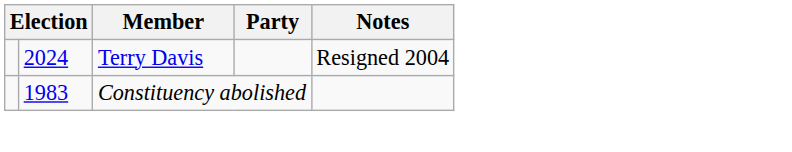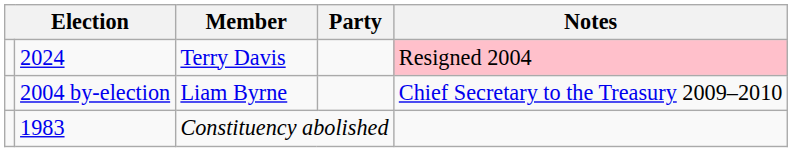 <table class="wikitable">
 <tr>
 <th colspan="2">Election</th>
 <th>Member</th>
 <th>Party</th>
 <th>Notes</th>
 </tr>
 <tr>
 <td style="color:inherit;background-color: "></td>
 <td><a href='#'>2024</a></td>
 <td><a href='#'>Terry Davis</a></td>
 <td></td>
-<td>Resigned 2004</td>
+<td style="background: pink;">Resigned 2004</td>
+</tr>
+<tr>
+<td style="color:inherit;background-color: "></td>
+<td><a href='#'>2004 by-election</a></td>
+<td><a href='#'>Liam Byrne</a></td>
+<td></td>
+<td><a href='#'>Chief Secretary to the Treasury</a> 2009–2010</td>
 </tr>
 <tr>
 <td></td>
 <td><a href='#'>1983</a></td>
 <td colspan="2"><em>Constituency abolished</em></td>
 </tr>
 </table>
